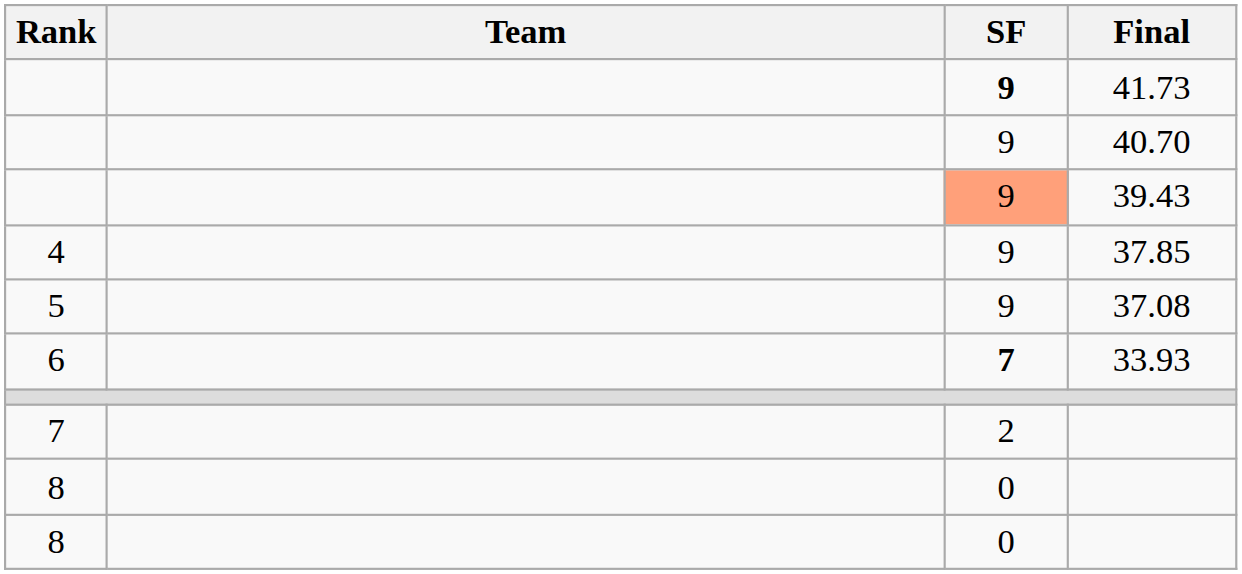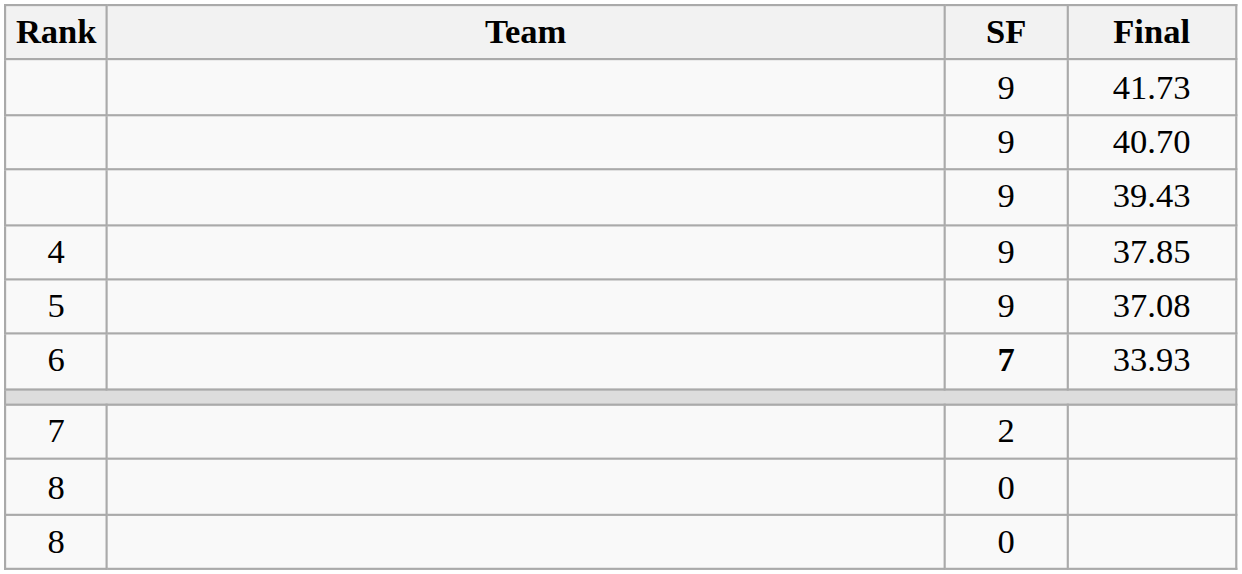 <table class=wikitable style="text-align:center">
 <tr>
 <th width=40>Rank</th>
 <th width=380>Team</th>
 <th width=50>SF</th>
 <th width=70>Final</th>
 </tr>
 <tr>
 <td></td>
 <td align=left></td>
-<td><strong>9</strong></td>
+<td>9</td>
 <td>41.73</td>
 </tr>
 <tr>
 <td></td>
 <td align=left></td>
 <td>9</td>
 <td>40.70</td>
 </tr>
 <tr>
 <td></td>
 <td align=left></td>
-<td style="background: lightsalmon;">9</td>
+<td>9</td>
 <td>39.43</td>
 </tr>
 <tr>
 <td>4</td>
 <td align=left></td>
 <td>9</td>
 <td>37.85</td>
 </tr>
 <tr>
 <td>5</td>
 <td align=left></td>
 <td>9</td>
 <td>37.08</td>
 </tr>
 <tr>
 <td>6</td>
 <td align=left></td>
 <td><strong>7</strong></td>
 <td>33.93</td>
 </tr>
 <tr bgcolor=#DDDDDD>
 <td colspan=4></td>
 </tr>
 <tr>
 <td>7</td>
 <td align=left></td>
 <td>2</td>
 <td></td>
 </tr>
 <tr>
 <td>8</td>
 <td align=left></td>
 <td>0</td>
 <td></td>
 </tr>
 <tr>
 <td>8</td>
 <td align=left></td>
 <td>0</td>
 <td></td>
 </tr>
 </table>
